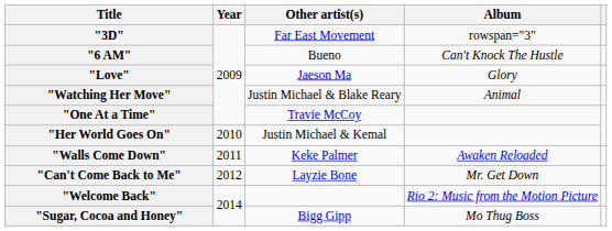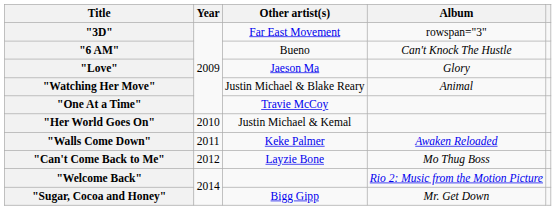 <table class="wikitable plainrowheaders" style="text-align:center;">
 <tr>
 <th scope="col" style="width:16em;">Title</th>
 <th scope="col">Year</th>
 <th scope="col">Other artist(s)</th>
 <th scope="col">Album</th>
 <th scope="col"></th>
 </tr>
 <tr>
 <th scope="row">"3D"</th>
 <td rowspan="5">2009</td>
 <td><a href='#'>Far East Movement</a></td>
 <td>rowspan="3" </td>
 <td></td>
 </tr>
 <tr>
 <th scope="row">"6 AM"</th>
 <td>Bueno</td>
 <td><em>Can't Knock The Hustle</em></td>
 <td></td>
 </tr>
 <tr>
 <th scope="row">"Love"</th>
 <td><a href='#'>Jaeson Ma</a></td>
 <td><em>Glory</em></td>
 <td></td>
 </tr>
 <tr>
 <th scope="row">"Watching Her Move"</th>
 <td>Justin Michael & Blake Reary</td>
 <td><em>Animal</em></td>
 <td></td>
 </tr>
 <tr>
 <th scope="row">"One At a Time"</th>
 <td><a href='#'>Travie McCoy</a></td>
 <td></td>
 </tr>
 <tr>
 <th scope="row">"Her World Goes On"</th>
 <td>2010</td>
 <td>Justin Michael & Kemal</td>
 <td></td>
 </tr>
 <tr>
 <th scope="row">"Walls Come Down"</th>
 <td>2011</td>
 <td><a href='#'>Keke Palmer</a></td>
 <td><em><a href='#'>Awaken Reloaded</a></em></td>
 <td></td>
 </tr>
 <tr>
 <th scope="row">"Can't Come Back to Me"</th>
 <td>2012</td>
 <td><a href='#'>Layzie Bone</a></td>
-<td><em>Mr. Get Down</em></td>
+<td><em>Mo Thug Boss</em></td>
 <td></td>
 </tr>
 <tr>
 <th scope="row">"Welcome Back"</th>
 <td rowspan="2">2014</td>
 <td></td>
 <td><em><a href='#'>Rio 2: Music from the Motion Picture</a></em></td>
 <td></td>
 </tr>
 <tr>
 <th scope="row">"Sugar, Cocoa and Honey"</th>
 <td><a href='#'>Bigg Gipp</a></td>
-<td><em>Mo Thug Boss</em></td>
+<td><em>Mr. Get Down</em></td>
 <td></td>
 </tr>
 </table>
